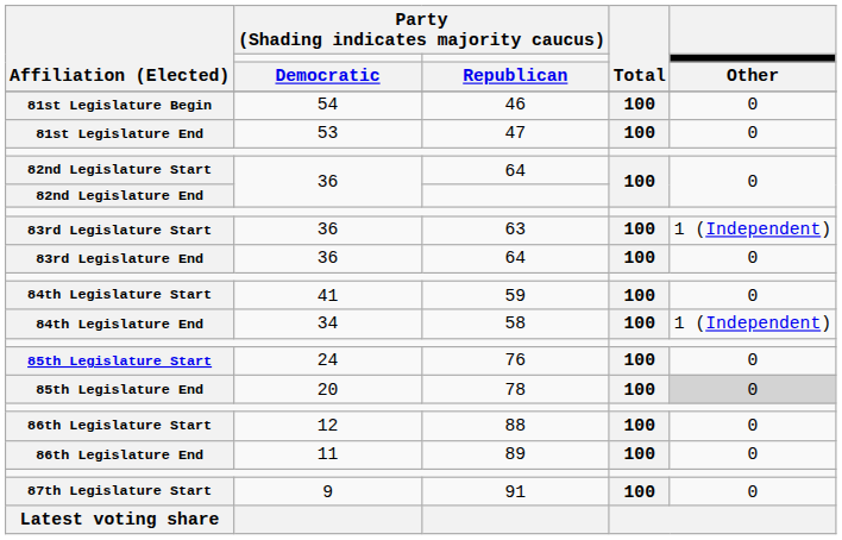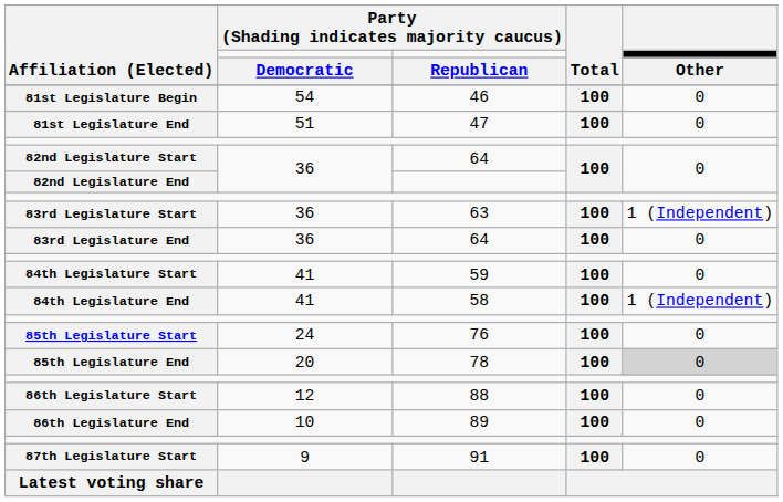 <table class="wikitable" style="text-align:center">
 <tr style="vertical-align:bottom;">
 <th rowspan="3">Affiliation (Elected)</th>
 <th colspan="2">Party <div>(Shading indicates majority caucus)</div></th>
 <th rowspan="3">Total</th>
 <th></th>
 </tr>
 <tr style="height:5px">
 <td style="background-color:"></td>
 <td style="background-color:"></td>
 <td style="background: black"></td>
 </tr>
 <tr>
 <th><a href='#'>Democratic</a></th>
 <th><a href='#'>Republican</a></th>
 <th>Other</th>
 </tr>
 <tr>
 </tr>
 <tr>
 <th nowrap style="font-size:80%">81st Legislature Begin</th>
 <td>54</td>
 <td>46</td>
 <th>100</th>
 <td>0</td>
 </tr>
 <tr>
 <th nowrap style="font-size:80%">81st Legislature End</th>
-<td>53</td>
+<td>51</td>
 <td>47</td>
 <th>100</th>
 <td>0</td>
 </tr>
 <tr>
 <td colspan="3"></td>
 </tr>
 <tr>
 <th nowrap style="font-size:80%">82nd Legislature Start</th>
 <td rowspan="2">36</td>
 <td>64</td>
 <th rowspan="2">100</th>
 <td rowspan="2">0</td>
 </tr>
 <tr>
 <th nowrap style="font-size:80%">82nd Legislature End</th>
 </tr>
 <tr>
 <td colspan="3"></td>
 </tr>
 <tr>
 <th nowrap style="font-size:80%">83rd Legislature Start</th>
 <td>36</td>
 <td>63</td>
 <th>100</th>
 <td>1 (<a href='#'>Independent</a>)</td>
 </tr>
 <tr>
 <th nowrap style="font-size:80%">83rd Legislature End</th>
 <td>36</td>
 <td>64</td>
 <th>100</th>
 <td>0</td>
 </tr>
 <tr>
 <td colspan="3"></td>
 </tr>
 <tr>
 <th nowrap style="font-size:80%">84th Legislature Start</th>
 <td>41</td>
 <td>59</td>
 <th>100</th>
 <td>0</td>
 </tr>
 <tr>
 <th nowrap style="font-size:80%">84th Legislature End</th>
-<td>34</td>
+<td>41</td>
 <td>58</td>
 <th>100</th>
 <td>1 (<a href='#'>Independent</a>)</td>
 </tr>
 <tr>
 <td colspan="3"></td>
 </tr>
 <tr>
 <th style="font-size:80%"><a href='#'>85th Legislature Start</a></th>
 <td>24</td>
 <td>76</td>
 <th>100</th>
 <td>0</td>
 </tr>
 <tr>
 <th style="font-size:80%">85th Legislature End</th>
 <td>20</td>
 <td>78</td>
 <th>100</th>
 <td style="background: lightgrey;">0</td>
 </tr>
 <tr>
 <td colspan="3"></td>
 </tr>
 <tr>
 <th nowrap style="font-size:80%">86th Legislature Start</th>
 <td>12</td>
 <td>88</td>
 <th>100</th>
 <td>0</td>
 </tr>
 <tr>
 <th nowrap style="font-size:80%">86th Legislature End</th>
-<td>11</td>
+<td>10</td>
 <td>89</td>
 <th>100</th>
 <td>0</td>
 </tr>
 <tr>
 <td colspan="3"></td>
 </tr>
 <tr>
 <th style="font-size:80%">87th Legislature Start</th>
 <td>9</td>
 <td>91</td>
 <th>100</th>
 <td>0</td>
 </tr>
 <tr>
 <th>Latest voting share</th>
 <th></th>
 <th></th>
 <th colspan="2"></th>
 </tr>
 </table>
